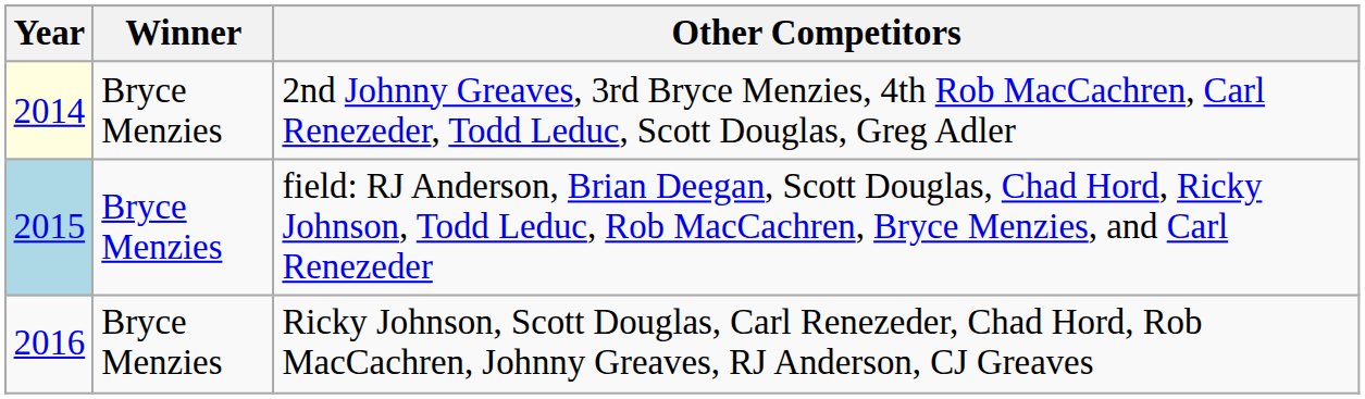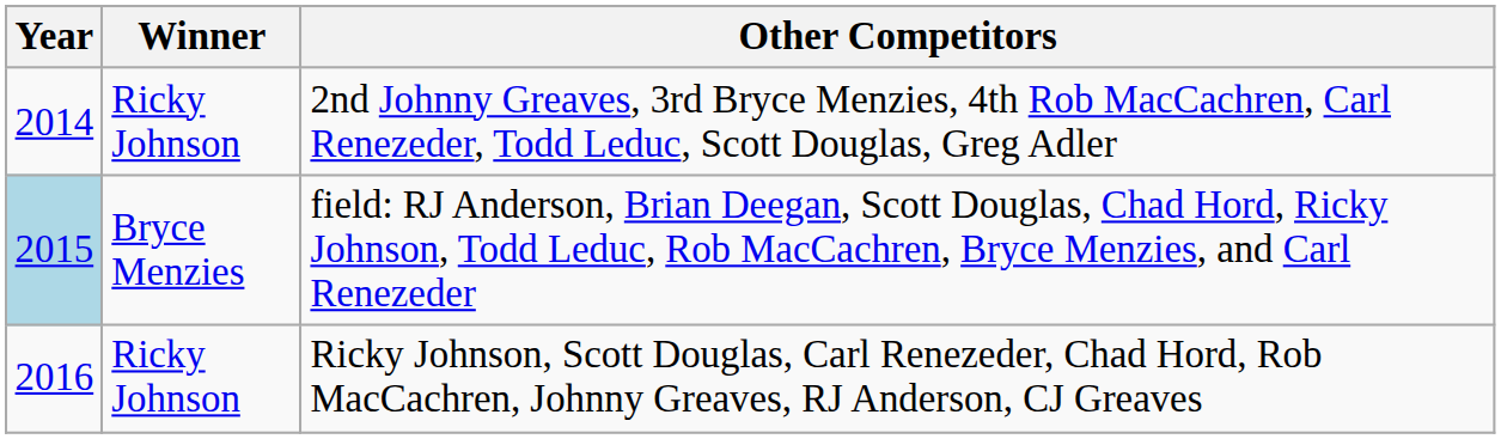 <table class="wikitable">
 <tr>
 <th>Year</th>
 <th>Winner</th>
 <th>Other Competitors</th>
 </tr>
 <tr>
-<td style="background: lightyellow;"><a href='#'>2014</a></td>
-<td>Bryce Menzies</td>
+<td><a href='#'>2014</a></td>
+<td><a href='#'>Ricky Johnson</a></td>
 <td>2nd <a href='#'>Johnny Greaves</a>, 3rd Bryce Menzies, 4th <a href='#'>Rob MacCachren</a>, <a href='#'>Carl Renezeder</a>, <a href='#'>Todd Leduc</a>, Scott Douglas, Greg Adler</td>
 </tr>
 <tr>
 <td style="background: lightblue;"><a href='#'>2015</a></td>
 <td><a href='#'>Bryce Menzies</a></td>
 <td>field: RJ Anderson, <a href='#'>Brian Deegan</a>, Scott Douglas, <a href='#'>Chad Hord</a>, <a href='#'>Ricky Johnson</a>, <a href='#'>Todd Leduc</a>, <a href='#'>Rob MacCachren</a>, <a href='#'>Bryce Menzies</a>, and <a href='#'>Carl Renezeder</a></td>
 </tr>
 <tr>
 <td><a href='#'>2016</a></td>
-<td>Bryce Menzies</td>
+<td><a href='#'>Ricky Johnson</a></td>
 <td>Ricky Johnson, Scott Douglas, Carl Renezeder, Chad Hord, Rob MacCachren, Johnny Greaves, RJ Anderson, CJ Greaves</td>
 </tr>
 </table>
